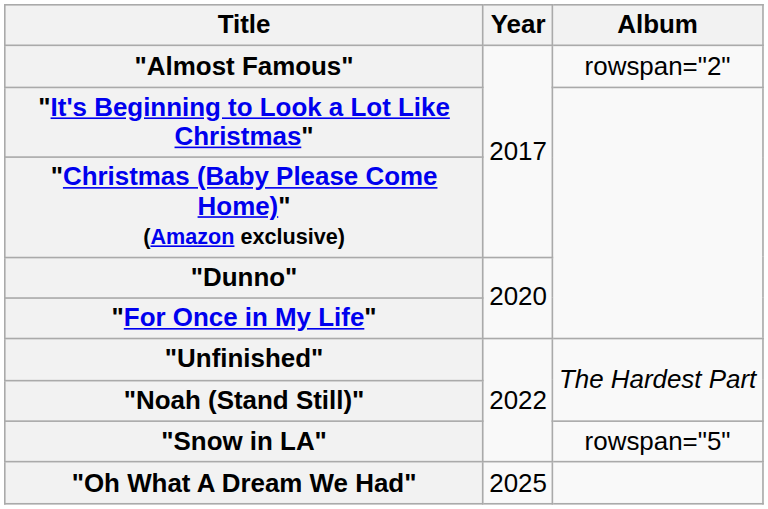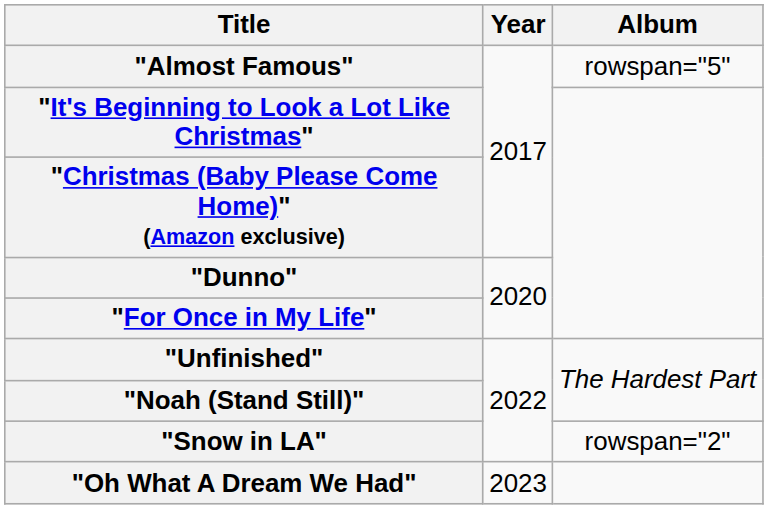 <table class="wikitable plainrowheaders" style="text-align:center;">
 <tr>
 <th scope="col" style="width:18em;">Title</th>
 <th scope="col">Year</th>
 <th scope="col">Album</th>
 </tr>
 <tr>
 <th scope="row">"Almost Famous"</th>
 <td rowspan="3">2017</td>
-<td>rowspan="2" </td>
+<td>rowspan="5" </td>
 </tr>
 <tr>
 <th scope="row">"<a href='#'>It's Beginning to Look a Lot Like Christmas</a>"</th>
 </tr>
 <tr>
 <th scope="row">"<a href='#'>Christmas (Baby Please Come Home)</a>"<br><small>(<a href='#'>Amazon</a> exclusive)</small></th>
 </tr>
 <tr>
 <th scope="row">"Dunno"</th>
 <td rowspan="2">2020</td>
 </tr>
 <tr>
 <th scope="row">"<a href='#'>For Once in My Life</a>"</th>
 </tr>
 <tr>
 <th scope="row">"Unfinished"</th>
 <td rowspan="3">2022</td>
 <td rowspan="2"><em>The Hardest Part</em></td>
 </tr>
 <tr>
 <th scope="row">"Noah (Stand Still)"<br></th>
 </tr>
 <tr>
 <th scope="row">"Snow in LA"<br></th>
-<td>rowspan="5" </td>
+<td>rowspan="2" </td>
 </tr>
 <tr>
 <th scope="row">"Oh What A Dream We Had" <br></th>
-<td>2025</td>
+<td>2023</td>
 </tr>
 </table>
